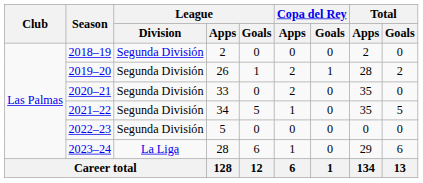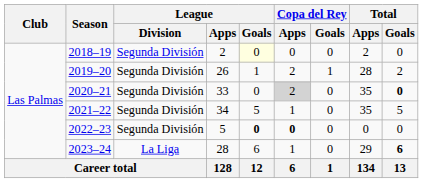 <table class="wikitable" style="text-align: center">
 <tr>
 <th rowspan="2">Club</th>
 <th rowspan="2">Season</th>
 <th colspan="3">League</th>
 <th colspan="2"><a href='#'>Copa del Rey</a></th>
 <th colspan="2">Total</th>
 </tr>
 <tr>
 <th>Division</th>
 <th>Apps</th>
 <th>Goals</th>
 <th>Apps</th>
 <th>Goals</th>
 <th>Apps</th>
 <th>Goals</th>
 </tr>
 <tr>
 <td rowspan="6"><a href='#'>Las Palmas</a></td>
 <td><a href='#'>2018–19</a></td>
 <td><a href='#'>Segunda División</a></td>
 <td>2</td>
-<td>0</td>
+<td style="background: lightyellow;">0</td>
 <td>0</td>
 <td>0</td>
 <td>2</td>
 <td>0</td>
 </tr>
 <tr>
 <td><a href='#'>2019–20</a></td>
 <td>Segunda División</td>
 <td>26</td>
 <td>1</td>
 <td>2</td>
 <td>1</td>
 <td>28</td>
 <td>2</td>
 </tr>
 <tr>
 <td><a href='#'>2020–21</a></td>
 <td>Segunda División</td>
 <td>33</td>
 <td>0</td>
-<td>2</td>
+<td style="background: lightgrey;">2</td>
 <td>0</td>
 <td>35</td>
-<td>0</td>
+<td><strong>0</strong></td>
 </tr>
 <tr>
 <td><a href='#'>2021–22</a></td>
 <td>Segunda División</td>
 <td>34</td>
 <td>5</td>
 <td>1</td>
 <td>0</td>
 <td>35</td>
 <td>5</td>
 </tr>
 <tr>
 <td><a href='#'>2022–23</a></td>
 <td>Segunda División</td>
 <td>5</td>
-<td>0</td>
-<td>0</td>
+<td><strong>0</strong></td>
+<td><strong>0</strong></td>
 <td>0</td>
 <td>0</td>
 <td>0</td>
 </tr>
 <tr>
 <td><a href='#'>2023–24</a></td>
 <td><a href='#'>La Liga</a></td>
 <td>28</td>
 <td>6</td>
 <td>1</td>
 <td>0</td>
 <td>29</td>
-<td>6</td>
+<td><strong>6</strong></td>
 </tr>
 <tr>
 <th colspan="3">Career total</th>
 <th>128</th>
 <th>12</th>
 <th>6</th>
 <th>1</th>
 <th>134</th>
 <th>13</th>
 </tr>
 </table>
